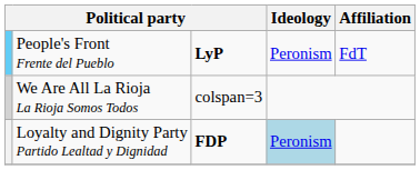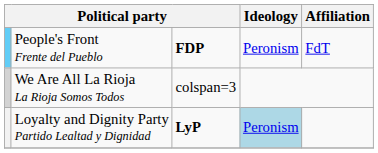 <table class="wikitable">
 <tr>
 <th colspan=3>Political party</th>
 <th>Ideology</th>
 <th>Affiliation</th>
 </tr>
 <tr>
 <th style="background:#62cdf6;"></th>
 <td>People's Front<br><small><em>Frente del Pueblo</em></small></td>
-<td><strong>LyP</strong></td>
+<td><strong>FDP</strong></td>
 <td><a href='#'>Peronism</a></td>
 <td><a href='#'>FdT</a></td>
 </tr>
 <tr>
 <th style="background:#D3D3D3;"></th>
 <td>We Are All La Rioja<br><small><em>La Rioja Somos Todos</em></small></td>
 <td>colspan=3 </td>
 </tr>
 <tr>
 <th style="background:"></th>
 <td>Loyalty and Dignity Party<br><small><em>Partido Lealtad y Dignidad</em></small></td>
-<td><strong>FDP</strong></td>
+<td><strong>LyP</strong></td>
 <td style="background: lightblue;"><a href='#'>Peronism</a></td>
 <td></td>
 </tr>
 <tr>
 </tr>
 </table>
